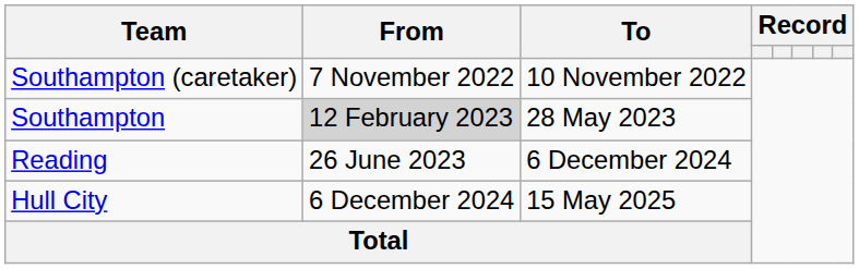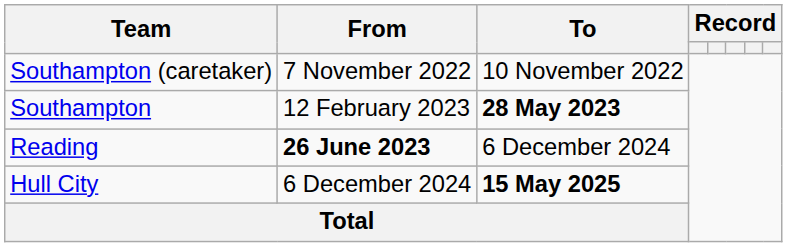 <table class=wikitable style="text-align: center">
 <tr>
 <th rowspan=2>Team</th>
 <th rowspan=2>From</th>
 <th rowspan=2>To</th>
 <th colspan=5>Record</th>
 </tr>
 <tr>
 <th></th>
 <th></th>
 <th></th>
 <th></th>
 <th></th>
 </tr>
 <tr>
 <td align="left"><a href='#'>Southampton</a> (caretaker)</td>
 <td align="left">7 November 2022</td>
 <td align="left">10 November 2022<br></td>
 </tr>
 <tr>
 <td align="left"><a href='#'>Southampton</a></td>
-<td align="left" style="background: lightgrey;">12 February 2023</td>
-<td align="left">28 May 2023<br></td>
+<td align="left">12 February 2023</td>
+<td align="left"><strong>28 May 2023<br></strong></td>
 </tr>
 <tr>
 <td align=left><a href='#'>Reading</a></td>
-<td align=left>26 June 2023</td>
+<td align=left><strong>26 June 2023</strong></td>
 <td align=left>6 December 2024<br></td>
 </tr>
 <tr>
 <td align="left"><a href='#'>Hull City</a></td>
 <td align=left>6 December 2024</td>
-<td align=left>15 May 2025<br></td>
+<td align=left><strong>15 May 2025<br></strong></td>
 </tr>
 <tr>
 <th colspan=3>Total<br></th>
 </tr>
 </table>
